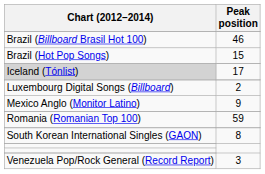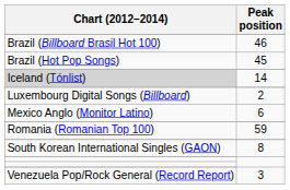 <table class="wikitable sortable plainrowheaders">
 <tr>
 <th scope="col">Chart (2012–2014)</th>
 <th scope="col">Peak<br>position</th>
 </tr>
 <tr>
 </tr>
 <tr>
 </tr>
 <tr>
 </tr>
 <tr>
 </tr>
 <tr>
 <td>Brazil (<a href='#'><em>Billboard</em> Brasil Hot 100</a>)</td>
 <td style="text-align:center;">46</td>
 </tr>
 <tr>
 <td>Brazil (<a href='#'>Hot Pop Songs</a>)</td>
-<td style="text-align:center;">15</td>
+<td style="text-align:center;">45</td>
 </tr>
 <tr>
 </tr>
 <tr>
 </tr>
 <tr>
 </tr>
 <tr>
 </tr>
 <tr>
 </tr>
 <tr>
 </tr>
 <tr>
 </tr>
 <tr>
 </tr>
 <tr>
 </tr>
 <tr>
 </tr>
 <tr>
 <td style="background: lightgrey;">Iceland (<a href='#'>Tónlist</a>)</td>
-<td style="text-align:center;">17</td>
+<td style="text-align:center;">14</td>
 </tr>
 <tr>
 </tr>
 <tr>
 </tr>
 <tr>
 </tr>
 <tr>
 <td>Luxembourg Digital Songs (<em><a href='#'>Billboard</a></em>)</td>
 <td style="text-align:center;">2</td>
 </tr>
 <tr>
 <td>Mexico Anglo (<a href='#'>Monitor Latino</a>)</td>
-<td style="text-align:center;">9</td>
+<td style="text-align:center;">6</td>
 </tr>
 <tr>
 </tr>
 <tr>
 </tr>
 <tr>
 </tr>
 <tr>
 <td>Romania (<a href='#'>Romanian Top 100</a>)</td>
 <td style="text-align:center;">59</td>
 </tr>
 <tr>
 </tr>
 <tr>
 </tr>
 <tr>
 </tr>
 <tr>
 <td>South Korean International Singles (<a href='#'>GAON</a>)</td>
 <td style="text-align:center;">8</td>
 </tr>
 <tr>
 </tr>
 <tr>
 <td></td>
 </tr>
 <tr>
 <td></td>
 </tr>
 <tr>
 </tr>
 <tr>
 </tr>
 <tr>
 </tr>
 <tr>
 </tr>
 <tr>
 </tr>
 <tr>
 </tr>
 <tr>
 </tr>
 <tr>
 </tr>
 <tr>
 <td>Venezuela Pop/Rock General (<a href='#'>Record Report</a>)</td>
 <td style="text-align:center">3</td>
 </tr>
 </table>
